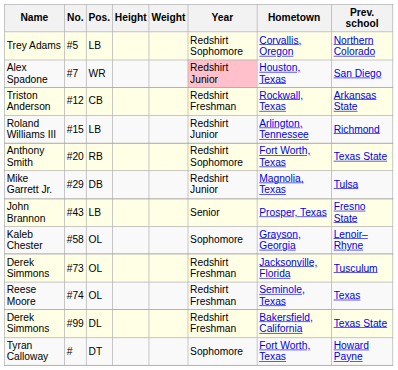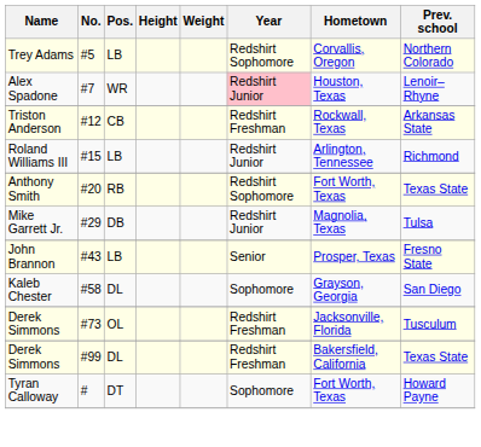 <table class="wikitable sortable">
 <tr>
 <th>Name</th>
 <th>No.</th>
 <th>Pos.</th>
 <th>Height</th>
 <th>Weight</th>
 <th>Year</th>
 <th>Hometown</th>
 <th class="unsortable">Prev. school</th>
 </tr>
 <tr style="background:#FFFFE6;">
 <td>Trey Adams</td>
 <td>#5</td>
 <td>LB</td>
 <td></td>
 <td></td>
 <td>Redshirt Sophomore</td>
 <td><a href='#'>Corvallis, Oregon</a></td>
 <td><a href='#'>Northern Colorado</a></td>
 </tr>
 <tr>
 <td>Alex Spadone</td>
 <td>#7</td>
 <td>WR</td>
 <td></td>
 <td></td>
 <td style="background: pink;">Redshirt Junior</td>
 <td><a href='#'>Houston, Texas</a></td>
-<td><a href='#'>San Diego</a></td>
+<td><a href='#'>Lenoir–Rhyne</a></td>
 </tr>
 <tr>
 </tr>
 <tr style="background:#FFFFE6;">
 <td>Triston Anderson</td>
 <td>#12</td>
 <td>CB</td>
 <td></td>
 <td></td>
 <td>Redshirt Freshman</td>
 <td><a href='#'>Rockwall, Texas</a></td>
 <td><a href='#'>Arkansas State</a></td>
 </tr>
 <tr>
 <td>Roland Williams III</td>
 <td>#15</td>
 <td>LB</td>
 <td></td>
 <td></td>
 <td>Redshirt Junior</td>
 <td><a href='#'>Arlington, Tennessee</a></td>
 <td><a href='#'>Richmond</a></td>
 </tr>
 <tr>
 </tr>
 <tr style="background:#FFFFE6;">
 <td>Anthony Smith</td>
 <td>#20</td>
 <td>RB</td>
 <td></td>
 <td></td>
 <td>Redshirt Sophomore</td>
 <td><a href='#'>Fort Worth, Texas</a></td>
 <td><a href='#'>Texas State</a></td>
 </tr>
 <tr>
 <td>Mike Garrett Jr.</td>
 <td>#29</td>
 <td>DB</td>
 <td></td>
 <td></td>
 <td>Redshirt Junior</td>
 <td><a href='#'>Magnolia, Texas</a></td>
 <td><a href='#'>Tulsa</a></td>
 </tr>
 <tr>
 </tr>
 <tr style="background:#FFFFE6;">
 <td>John Brannon</td>
 <td>#43</td>
 <td>LB</td>
 <td></td>
 <td></td>
 <td>Senior</td>
 <td><a href='#'>Prosper, Texas</a></td>
 <td><a href='#'>Fresno State</a></td>
 </tr>
 <tr>
 <td>Kaleb Chester</td>
 <td>#58</td>
-<td>OL</td>
+<td>DL</td>
 <td></td>
 <td></td>
 <td>Sophomore</td>
 <td><a href='#'>Grayson, Georgia</a></td>
-<td><a href='#'>Lenoir–Rhyne</a></td>
+<td><a href='#'>San Diego</a></td>
 </tr>
 <tr>
 </tr>
 <tr style="background:#FFFFE6;">
 <td>Derek Simmons</td>
 <td>#73</td>
 <td>OL</td>
 <td></td>
 <td></td>
 <td>Redshirt Freshman</td>
 <td><a href='#'>Jacksonville, Florida</a></td>
 <td><a href='#'>Tusculum</a></td>
-</tr>
-<tr>
-<td>Reese Moore</td>
-<td>#74</td>
-<td>OL</td>
-<td></td>
-<td></td>
-<td>Redshirt Freshman</td>
-<td><a href='#'>Seminole, Texas</a></td>
-<td><a href='#'>Texas</a></td>
 </tr>
 <tr>
 </tr>
 <tr style="background:#FFFFE6;">
 <td>Derek Simmons</td>
 <td>#99</td>
 <td>DL</td>
 <td></td>
 <td></td>
 <td>Redshirt Freshman</td>
 <td><a href='#'>Bakersfield, California</a></td>
 <td><a href='#'>Texas State</a></td>
 </tr>
 <tr>
 <td>Tyran Calloway</td>
 <td>#</td>
 <td>DT</td>
 <td></td>
 <td></td>
 <td>Sophomore</td>
 <td><a href='#'>Fort Worth, Texas</a></td>
 <td><a href='#'>Howard Payne</a></td>
 </tr>
 <tr>
 </tr>
 </table>
